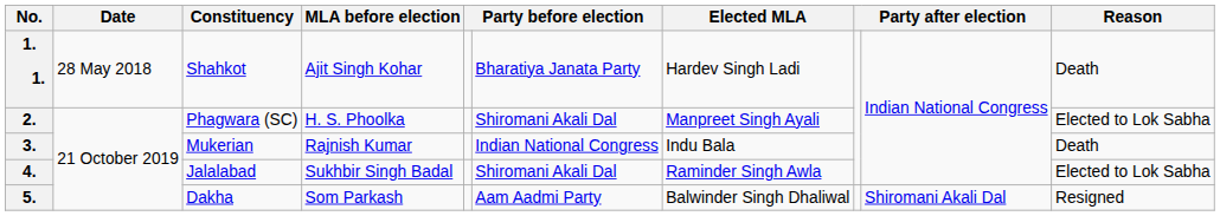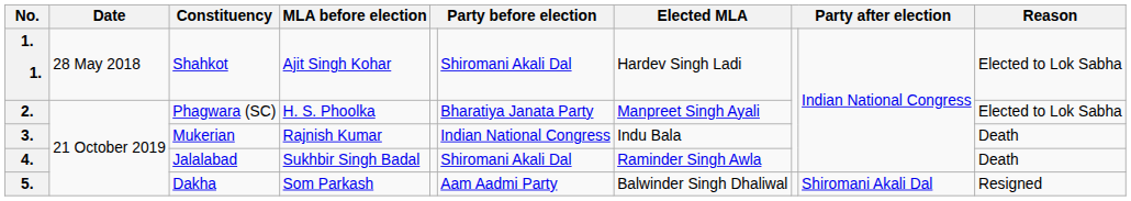 <table class="wikitable sortable">
 <tr>
 <th>No.</th>
 <th>Date</th>
 <th>Constituency</th>
 <th>MLA before election</th>
 <th colspan="2">Party before election</th>
 <th>Elected MLA</th>
 <th colspan="2">Party after election</th>
 <th>Reason</th>
 </tr>
 <tr>
 <th>1.<br><ol><li></li></ol></th>
 <td>28 May 2018</td>
 <td><a href='#'>Shahkot</a></td>
 <td><a href='#'>Ajit Singh Kohar</a></td>
 <td style="background-color: "></td>
-<td><a href='#'>Bharatiya Janata Party</a></td>
+<td><a href='#'>Shiromani Akali Dal</a></td>
 <td>Hardev Singh Ladi</td>
 <td rowspan="4" style="background-color: "></td>
 <td rowspan="4"><a href='#'>Indian National Congress</a></td>
-<td>Death</td>
+<td>Elected to Lok Sabha</td>
 </tr>
 <tr>
 <th>2.</th>
 <td rowspan="4">21 October 2019</td>
 <td><a href='#'>Phagwara</a> (SC)</td>
 <td><a href='#'>H. S. Phoolka</a></td>
 <td style="background-color: "></td>
-<td><a href='#'>Shiromani Akali Dal</a></td>
+<td><a href='#'>Bharatiya Janata Party</a></td>
 <td><a href='#'>Manpreet Singh Ayali</a></td>
 <td>Elected to Lok Sabha</td>
 </tr>
 <tr>
 <th>3.</th>
 <td><a href='#'>Mukerian</a></td>
 <td><a href='#'>Rajnish Kumar</a></td>
 <td style="background-color: "></td>
 <td><a href='#'>Indian National Congress</a></td>
 <td>Indu Bala</td>
 <td>Death</td>
 </tr>
 <tr>
 <th>4.</th>
 <td><a href='#'>Jalalabad</a></td>
 <td><a href='#'>Sukhbir Singh Badal</a></td>
 <td style="background-color: "></td>
 <td><a href='#'>Shiromani Akali Dal</a></td>
 <td><a href='#'>Raminder Singh Awla</a></td>
-<td>Elected to Lok Sabha</td>
+<td>Death</td>
 </tr>
 <tr>
 <th>5.</th>
 <td><a href='#'>Dakha</a></td>
 <td><a href='#'>Som Parkash</a></td>
 <td style="background-color: "></td>
 <td><a href='#'>Aam Aadmi Party</a></td>
 <td>Balwinder Singh Dhaliwal</td>
 <td style="background-color: "></td>
 <td><a href='#'>Shiromani Akali Dal</a></td>
 <td>Resigned</td>
 </tr>
 </table>
